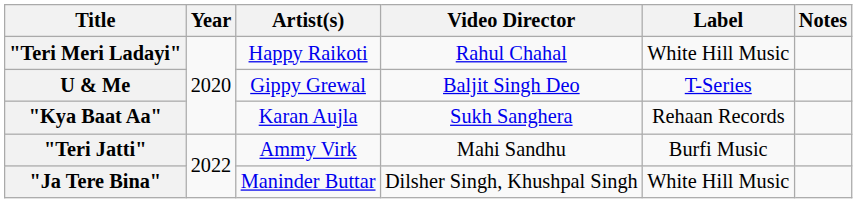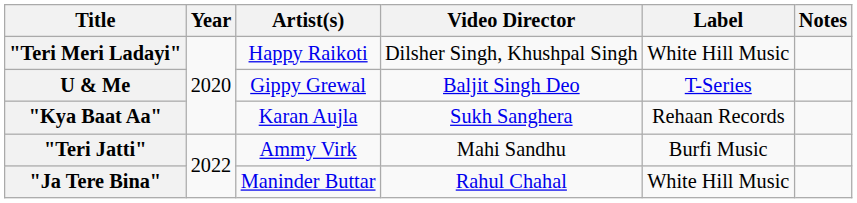 <table class="wikitable plainrowheaders" style="text-align:center;">
 <tr>
 <th>Title</th>
 <th>Year</th>
 <th>Artist(s)</th>
 <th>Video Director</th>
 <th>Label</th>
 <th>Notes</th>
 </tr>
 <tr>
 <th scope="row">"Teri Meri Ladayi"</th>
 <td rowspan="3">2020</td>
 <td><a href='#'>Happy Raikoti</a></td>
-<td><a href='#'>Rahul Chahal</a></td>
+<td>Dilsher Singh, Khushpal Singh</td>
 <td>White Hill Music</td>
 </tr>
 <tr>
 <th scope="row">U & Me</th>
 <td><a href='#'>Gippy Grewal</a></td>
 <td><a href='#'>Baljit Singh Deo</a></td>
 <td><a href='#'>T-Series</a></td>
 <td></td>
 </tr>
 <tr>
 <th scope="row">"Kya Baat Aa"</th>
 <td><a href='#'>Karan Aujla</a></td>
 <td><a href='#'>Sukh Sanghera</a></td>
 <td>Rehaan Records</td>
 </tr>
 <tr>
 <th scope="row">"Teri Jatti"</th>
 <td rowspan="2">2022</td>
 <td><a href='#'>Ammy Virk</a></td>
 <td>Mahi Sandhu</td>
 <td>Burfi Music</td>
 <td></td>
 </tr>
 <tr>
 <th scope="row">"Ja Tere Bina"</th>
 <td><a href='#'>Maninder Buttar</a></td>
-<td>Dilsher Singh, Khushpal Singh</td>
+<td><a href='#'>Rahul Chahal</a></td>
 <td>White Hill Music</td>
 <td></td>
 </tr>
 </table>
